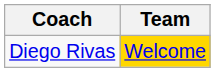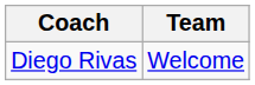 <table class="wikitable">
 <tr>
 <th style="text-align:center;">Coach</th>
 <th style="text-align:center;">Team</th>
 </tr>
 <tr>
 <td style="text-align:center;"> <a href='#'>Diego Rivas</a></td>
-<td style="background: gold;"><a href='#'>Welcome</a></td>
+<td><a href='#'>Welcome</a></td>
 </tr>
 </table>
